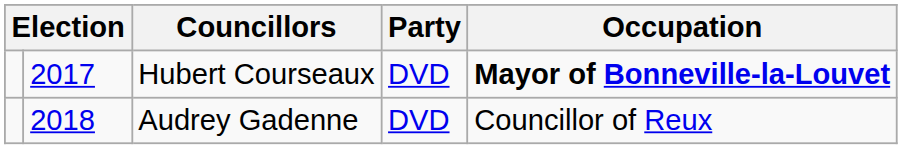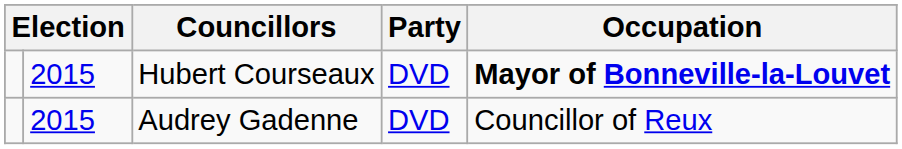 <table class="wikitable">
 <tr>
 <th colspan="2">Election</th>
 <th>Councillors</th>
 <th>Party</th>
 <th>Occupation</th>
 </tr>
 <tr>
 <td style="background-color: "></td>
-<td><a href='#'>2017</a></td>
+<td><a href='#'>2015</a></td>
 <td>Hubert Courseaux</td>
 <td><a href='#'>DVD</a></td>
 <td><strong>Mayor of <a href='#'>Bonneville-la-Louvet</a></strong></td>
 </tr>
 <tr>
 <td style="background-color: "></td>
-<td><a href='#'>2018</a></td>
+<td><a href='#'>2015</a></td>
 <td>Audrey Gadenne</td>
 <td><a href='#'>DVD</a></td>
 <td>Councillor of <a href='#'>Reux</a></td>
 </tr>
 </table>
